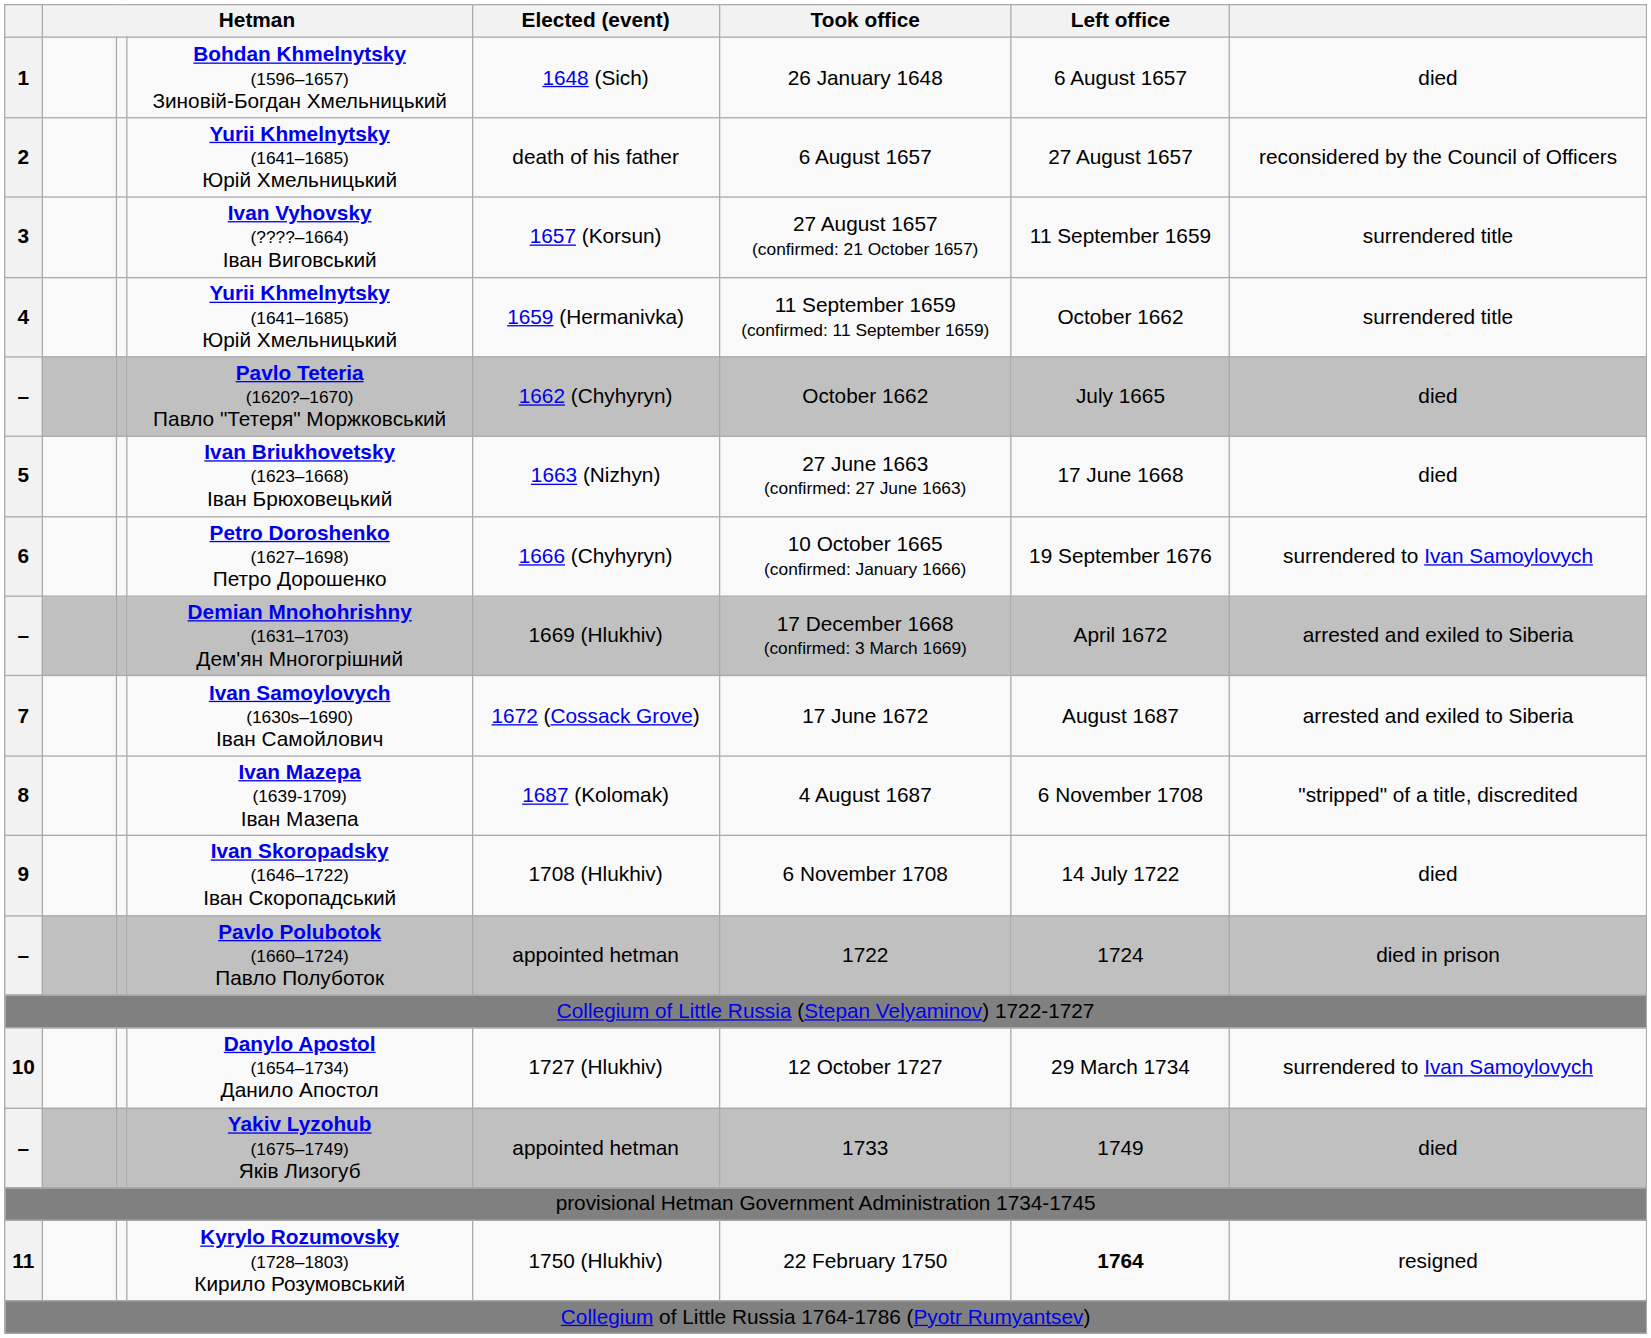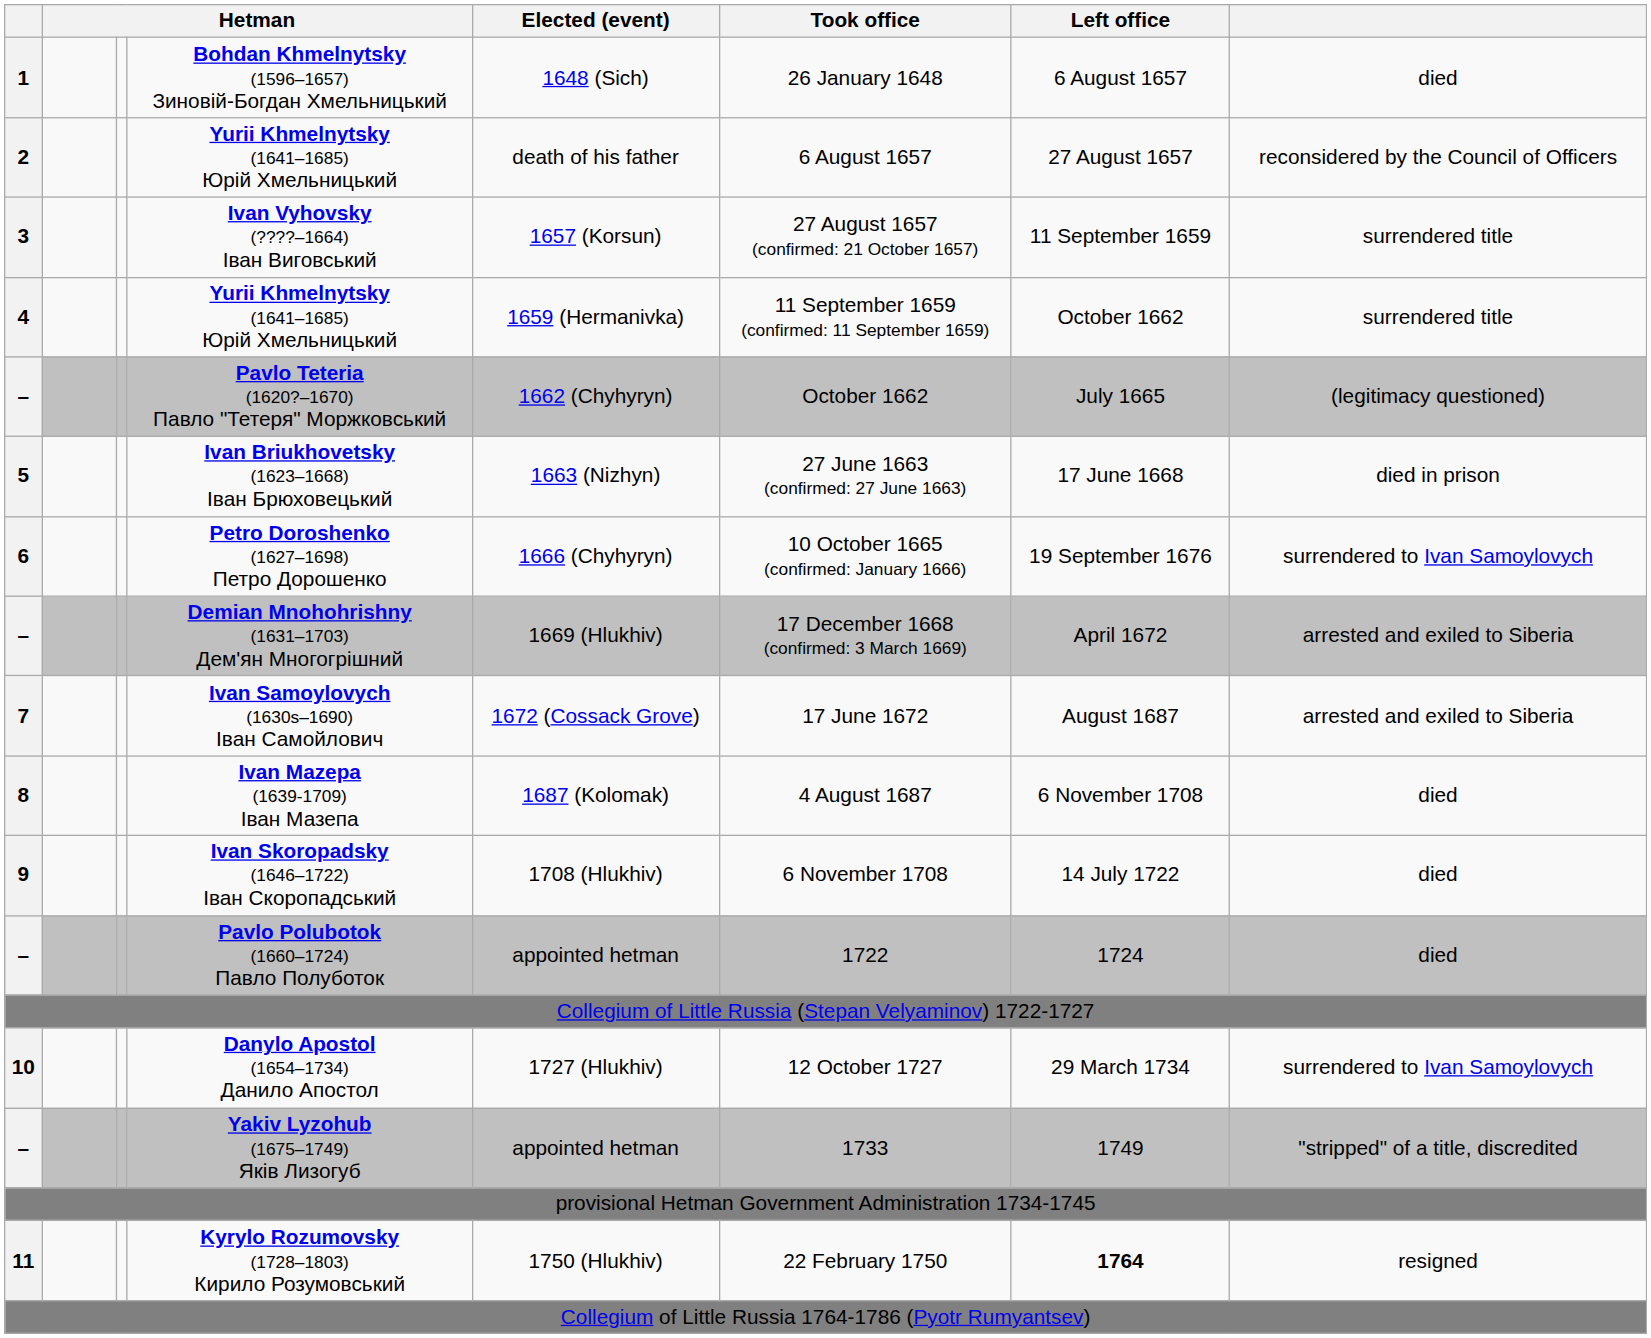 <table class="wikitable" width="100%" style="text-align:center;">
 <tr>
 <th></th>
 <th colspan=3>Hetman</th>
 <th>Elected (event)</th>
 <th>Took office</th>
 <th>Left office</th>
 <th></th>
 </tr>
 <tr>
 <th style="background:">1</th>
 <td width="50px"></td>
 <td></td>
 <td><strong><a href='#'>Bohdan Khmelnytsky</a></strong><br><small>(1596–1657)</small><br>Зиновій-Богдан Хмельницький</td>
 <td><a href='#'>1648</a> (Sich)</td>
 <td>26 January 1648</td>
 <td>6 August 1657</td>
 <td>died</td>
 </tr>
 <tr>
 <th style="background:">2</th>
 <td width="50px"></td>
 <td></td>
 <td><strong><a href='#'>Yurii Khmelnytsky</a></strong><br><small>(1641–1685)</small><br>Юрій Хмельницький</td>
 <td>death of his father</td>
 <td>6 August 1657</td>
 <td>27 August 1657</td>
 <td>reconsidered by the Council of Officers</td>
 </tr>
 <tr>
 <th style="background:">3</th>
 <td width="50px"></td>
 <td></td>
 <td><strong><a href='#'>Ivan Vyhovsky</a></strong><br><small>(????–1664)</small><br>Іван Виговський</td>
 <td><a href='#'>1657</a> (Korsun)</td>
 <td>27 August 1657<br><small>(confirmed: 21 October 1657)</small></td>
 <td>11 September 1659</td>
 <td>surrendered title</td>
 </tr>
 <tr>
 <th style="background:">4</th>
 <td width="50px"></td>
 <td></td>
 <td><strong><a href='#'>Yurii Khmelnytsky</a></strong><br><small>(1641–1685)</small><br>Юрій Хмельницький</td>
 <td><a href='#'>1659</a> (Hermanivka)</td>
 <td>11 September 1659<br><small>(confirmed: 11 September 1659)</small></td>
 <td>October 1662</td>
 <td>surrendered title</td>
 </tr>
 <tr bgcolor=silver>
 <th style="background:">–</th>
 <td></td>
 <td></td>
 <td><strong><a href='#'>Pavlo Teteria</a></strong><br><small>(1620?–1670)</small><br>Павло "Тетеря" Моржковський</td>
 <td><a href='#'>1662</a> (Chyhyryn)</td>
 <td>October 1662</td>
 <td>July 1665</td>
-<td>died</td>
+<td>(legitimacy questioned)</td>
 </tr>
 <tr>
 <th style="background:">5</th>
 <td width="50px"></td>
 <td></td>
 <td><strong><a href='#'>Ivan Briukhovetsky</a></strong><br><small>(1623–1668)</small><br>Іван Брюховецький</td>
 <td><a href='#'>1663</a> (Nizhyn)</td>
 <td>27 June 1663<br><small>(confirmed: 27 June 1663)</small></td>
 <td>17 June 1668</td>
-<td>died</td>
+<td>died in prison</td>
 </tr>
 <tr>
 <th style="background:">6</th>
 <td width="50px"></td>
 <td></td>
 <td><strong><a href='#'>Petro Doroshenko</a></strong><br><small>(1627–1698)</small><br>Петро Дорошенко</td>
 <td><a href='#'>1666</a> (Chyhyryn)</td>
 <td>10 October 1665<br><small>(confirmed: January 1666)</small></td>
 <td>19 September 1676</td>
 <td>surrendered to <a href='#'>Ivan Samoylovych</a></td>
 </tr>
 <tr bgcolor=silver>
 <th style="background:">–</th>
 <td width="50px"></td>
 <td></td>
 <td><strong><a href='#'>Demian Mnohohrishny</a></strong><br><small>(1631–1703)</small><br>Дем'ян Многогрішний</td>
 <td>1669 (Hlukhiv)</td>
 <td>17 December 1668<br><small>(confirmed: 3 March 1669)</small></td>
 <td>April 1672</td>
 <td>arrested and exiled to Siberia</td>
 </tr>
 <tr>
 <th style="background:">7</th>
 <td width="50px"></td>
 <td></td>
 <td><strong><a href='#'>Ivan Samoylovych</a></strong><br><small>(1630s–1690)</small><br>Іван Самойлович</td>
 <td><a href='#'>1672</a> (<a href='#'>Cossack Grove</a>)</td>
 <td>17 June 1672</td>
 <td>August 1687</td>
 <td>arrested and exiled to Siberia</td>
 </tr>
 <tr>
 <th style="background:">8</th>
 <td width="50px"></td>
 <td></td>
 <td><strong><a href='#'>Ivan Mazepa</a></strong><br><small>(1639-1709)</small><br>Іван Мазепа</td>
 <td><a href='#'>1687</a> (Kolomak)</td>
 <td>4 August 1687</td>
 <td>6 November 1708</td>
-<td>"stripped" of a title, discredited</td>
+<td>died</td>
 </tr>
 <tr>
 <th style="background:">9</th>
 <td width="50px"></td>
 <td></td>
 <td><strong><a href='#'>Ivan Skoropadsky</a></strong><br><small>(1646–1722)</small><br>Іван Скоропадський</td>
 <td>1708 (Hlukhiv)</td>
 <td>6 November 1708</td>
 <td>14 July 1722</td>
 <td>died</td>
 </tr>
 <tr bgcolor=silver>
 <th style="background:">–</th>
 <td width="50px"></td>
 <td></td>
 <td><strong><a href='#'>Pavlo Polubotok</a></strong><br><small>(1660–1724)</small><br>Павло Полуботок</td>
 <td>appointed hetman</td>
 <td>1722</td>
 <td>1724</td>
-<td>died in prison</td>
+<td>died</td>
 </tr>
 <tr bgcolor=grey>
 <td colspan="8"><a href='#'>Collegium of Little Russia</a> (<a href='#'>Stepan Velyaminov</a>) 1722-1727</td>
 </tr>
 <tr>
 <th style="background:">10</th>
 <td width="50px"></td>
 <td></td>
 <td><strong><a href='#'>Danylo Apostol</a></strong><br><small>(1654–1734)</small><br>Данило Апостол</td>
 <td>1727 (Hlukhiv)</td>
 <td>12 October 1727</td>
 <td>29 March 1734</td>
 <td>surrendered to <a href='#'>Ivan Samoylovych</a></td>
 </tr>
 <tr bgcolor=silver>
 <th style="background:">–</th>
 <td width="50px"></td>
 <td></td>
 <td><strong><a href='#'>Yakiv Lyzohub</a></strong><br><small>(1675–1749)</small><br>Яків Лизогуб</td>
 <td>appointed hetman</td>
 <td>1733</td>
 <td>1749</td>
-<td>died</td>
+<td>"stripped" of a title, discredited</td>
 </tr>
 <tr bgcolor=grey>
 <td colspan="8">provisional Hetman Government Administration 1734-1745</td>
 </tr>
 <tr>
 <th style="background:">11</th>
 <td width="50px"></td>
 <td></td>
 <td><strong><a href='#'>Kyrylo Rozumovsky</a></strong><br><small>(1728–1803)</small><br>Кирило Розумовський</td>
 <td>1750 (Hlukhiv)</td>
 <td>22 February 1750</td>
 <td><strong>1764</strong></td>
 <td>resigned</td>
 </tr>
 <tr bgcolor=grey>
 <td colspan="8"><a href='#'>Collegium</a> of Little Russia 1764-1786 (<a href='#'>Pyotr Rumyantsev</a>)</td>
 </tr>
 </table>
